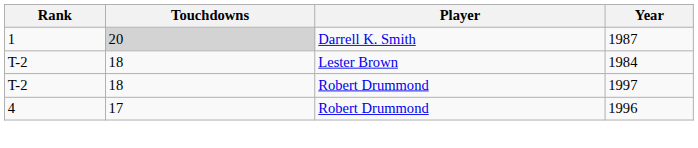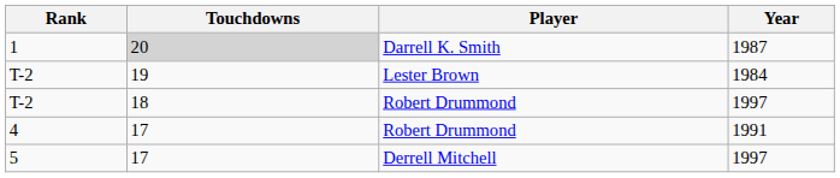 <table class="wikitable" style="width:60%;">
 <tr>
 <th>Rank</th>
 <th>Touchdowns</th>
 <th>Player</th>
 <th>Year</th>
 </tr>
 <tr>
 <td>1</td>
 <td style="background: lightgrey;">20</td>
 <td><a href='#'>Darrell K. Smith</a></td>
 <td>1987</td>
 </tr>
 <tr>
 <td>T-2</td>
-<td>18</td>
+<td>19</td>
 <td><a href='#'>Lester Brown</a></td>
 <td>1984</td>
 </tr>
 <tr>
 <td>T-2</td>
 <td>18</td>
 <td><a href='#'>Robert Drummond</a></td>
 <td>1997</td>
 </tr>
 <tr>
 <td>4</td>
 <td>17</td>
 <td><a href='#'>Robert Drummond</a></td>
-<td>1996</td>
+<td>1991</td>
+</tr>
+<tr>
+<td>5</td>
+<td>17</td>
+<td><a href='#'>Derrell Mitchell</a></td>
+<td>1997</td>
 </tr>
 </table>
